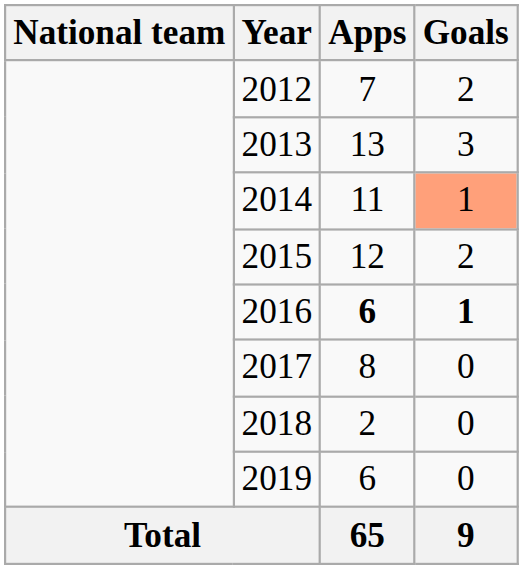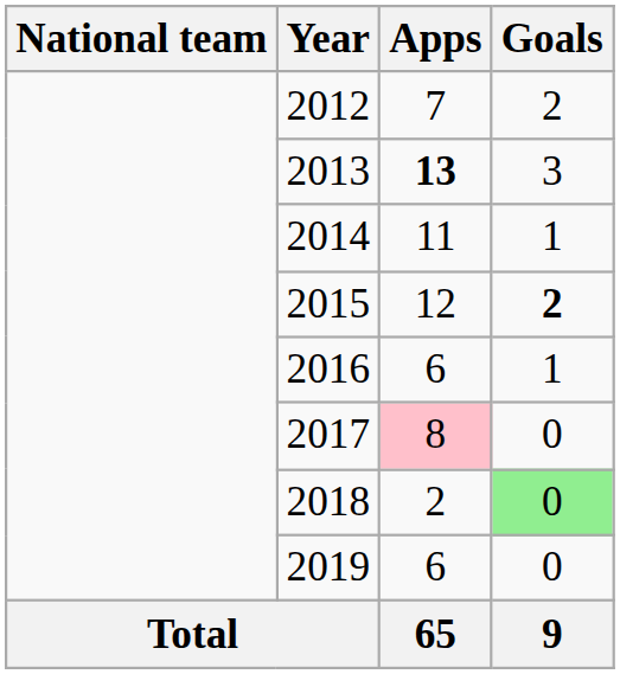 <table class="wikitable" style="text-align:center">
 <tr>
 <th>National team</th>
 <th>Year</th>
 <th>Apps</th>
 <th>Goals</th>
 </tr>
 <tr>
 <td rowspan="8"></td>
 <td>2012</td>
 <td>7</td>
 <td>2</td>
 </tr>
 <tr>
 <td>2013</td>
-<td>13</td>
+<td><strong>13</strong></td>
 <td>3</td>
 </tr>
 <tr>
 <td>2014</td>
 <td>11</td>
-<td style="background: lightsalmon;">1</td>
+<td>1</td>
 </tr>
 <tr>
 <td>2015</td>
 <td>12</td>
-<td>2</td>
+<td><strong>2</strong></td>
 </tr>
 <tr>
 <td>2016</td>
-<td><strong>6</strong></td>
-<td><strong>1</strong></td>
+<td>6</td>
+<td>1</td>
 </tr>
 <tr>
 <td>2017</td>
-<td>8</td>
+<td style="background: pink;">8</td>
 <td>0</td>
 </tr>
 <tr>
 <td>2018</td>
 <td>2</td>
-<td>0</td>
+<td style="background: lightgreen;">0</td>
 </tr>
 <tr>
 <td>2019</td>
 <td>6</td>
 <td>0</td>
 </tr>
 <tr>
 <th colspan="2">Total</th>
 <th>65</th>
 <th>9</th>
 </tr>
 </table>
